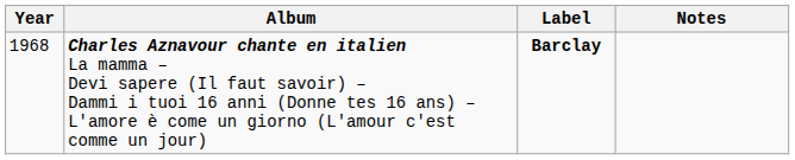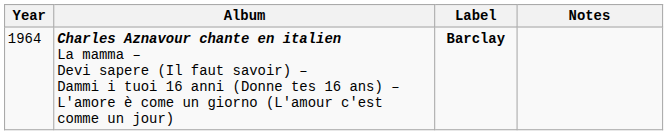 <table class="wikitable">
 <tr>
 <th align="left" valign="top" width="40">Year</th>
 <th align="left" valign="top" width="350">Album</th>
 <th align="center" valign="top" width="70">Label</th>
 <th align="left" valign="top" width="130">Notes</th>
 </tr>
 <tr>
-<td align="left" valign="top">1968</td>
+<td align="left" valign="top">1964</td>
 <td align="left" valign="top"><strong><em>Charles Aznavour chante en italien</em></strong><br>La mamma –<br>Devi sapere (Il faut savoir) –<br>Dammi i tuoi 16 anni (Donne tes 16 ans) –<br>L'amore è come un giorno (L'amour c'est comme un jour)</td>
 <td align="center" valign="top"><strong>Barclay</strong></td>
 <td align="center" valign="top"></td>
 </tr>
 </table>
